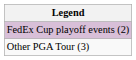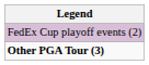 <table class="wikitable" style="font-size:95%;">
 <tr>
 <th>Legend</th>
 </tr>
 <tr style="background:#D8BFD8;">
 <td>FedEx Cup playoff events (2)</td>
 </tr>
 <tr>
-<td>Other PGA Tour (3)</td>
+<td><strong>Other PGA Tour (3)</strong></td>
 </tr>
 </table>
